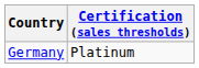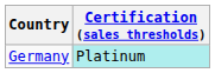 <table class="wikitable">
 <tr>
 <th>Country</th>
 <th><a href='#'>Certification</a><br><small>(<a href='#'>sales thresholds</a>)</small></th>
 </tr>
 <tr>
 <td><a href='#'>Germany</a></td>
-<td>Platinum</td>
+<td style="background: paleturquoise;">Platinum</td>
 </tr>
 </table>
